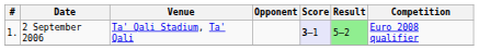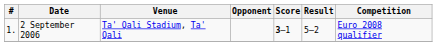 <table class="wikitable" style="font-size:90%">
 <tr>
 <th>#</th>
 <th>Date</th>
 <th>Venue</th>
 <th>Opponent</th>
 <th>Score</th>
 <th>Result</th>
 <th>Competition</th>
 </tr>
 <tr>
 <td>1.</td>
 <td>2 September 2006</td>
 <td><a href='#'>Ta' Qali Stadium</a>, <a href='#'>Ta' Qali</a></td>
 <td></td>
-<td style="background: lavender;"><strong>3</strong>–1</td>
-<td style="background: lightgreen;">5–2</td>
+<td><strong>3</strong>–1</td>
+<td>5–2</td>
 <td><a href='#'>Euro 2008 qualifier</a></td>
 </tr>
 <tr>
 </tr>
 </table>
